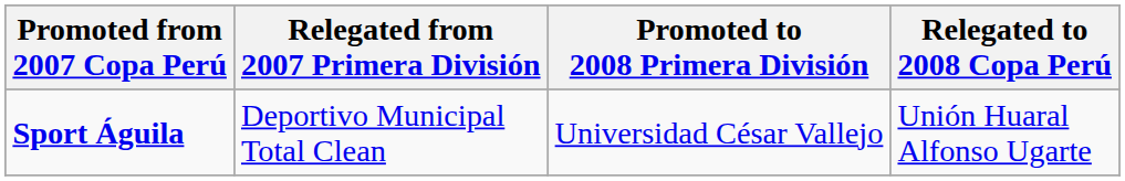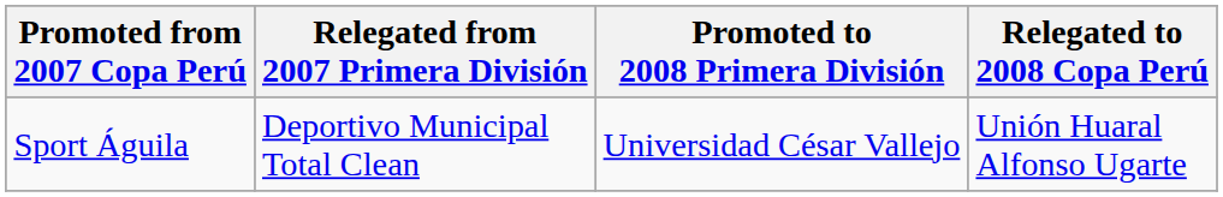 <table class="wikitable">
 <tr>
 <th>Promoted from<br><a href='#'>2007 Copa Perú</a></th>
 <th>Relegated from<br><a href='#'>2007 Primera División</a></th>
 <th>Promoted to<br><a href='#'>2008 Primera División</a></th>
 <th>Relegated to<br><a href='#'>2008 Copa Perú</a></th>
 </tr>
 <tr>
-<td><strong> <a href='#'>Sport Águila</a> </strong></td>
+<td> <a href='#'>Sport Águila</a> </td>
 <td> <a href='#'>Deportivo Municipal</a> <br> <a href='#'>Total Clean</a> </td>
 <td> <a href='#'>Universidad César Vallejo</a> </td>
 <td> <a href='#'>Unión Huaral</a> <br> <a href='#'>Alfonso Ugarte</a> </td>
 </tr>
 </table>
